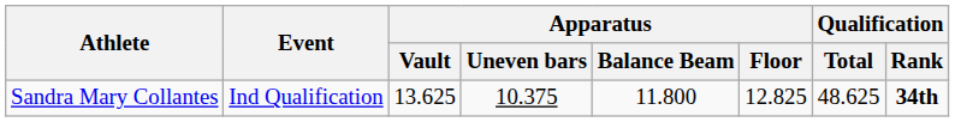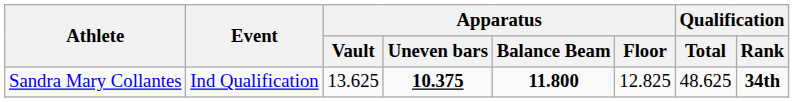 <table class="wikitable" style="font-size:90%">
 <tr>
 <th rowspan="2">Athlete</th>
 <th rowspan="2">Event</th>
 <th colspan = "4">Apparatus</th>
 <th colspan = "2">Qualification</th>
 </tr>
 <tr>
 <th>Vault</th>
 <th>Uneven bars</th>
 <th>Balance Beam</th>
 <th>Floor</th>
 <th>Total</th>
 <th>Rank</th>
 </tr>
 <tr>
 <td><a href='#'>Sandra Mary Collantes</a></td>
 <td><a href='#'>Ind Qualification</a></td>
 <td align=center>13.625</td>
-<td align=center><u>10.375</u></td>
-<td align=center>11.800</td>
+<td align=center><strong><u>10.375</u></strong></td>
+<td align=center><strong>11.800</strong></td>
 <td align=center>12.825</td>
 <td align=center>48.625</td>
 <td align=center><strong>34th</strong></td>
 </tr>
 </table>
